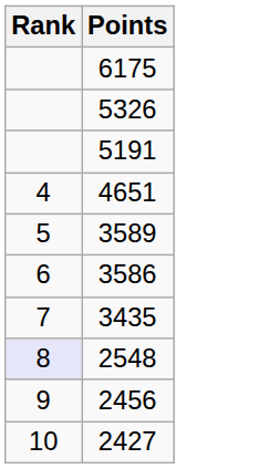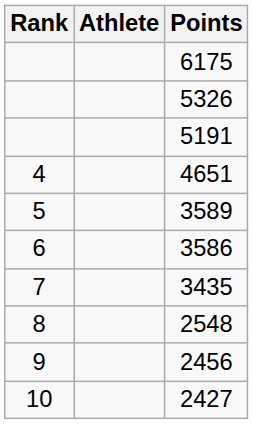 <table class="wikitable" style="display:inline-table; text-align:center;">
 <tr>
 <th>Rank</th>
+<th>Athlete</th>
 <th>Points</th>
 </tr>
 <tr>
 <td></td>
+<td align="left"></td>
 <td>6175</td>
 </tr>
 <tr>
 <td></td>
+<td align="left"></td>
 <td>5326</td>
 </tr>
 <tr>
 <td></td>
+<td align="left"></td>
 <td>5191</td>
 </tr>
 <tr>
 <td>4</td>
+<td align="left"></td>
 <td>4651</td>
 </tr>
 <tr>
 <td>5</td>
+<td align="left"></td>
 <td>3589</td>
 </tr>
 <tr>
 <td>6</td>
+<td align="left"></td>
 <td>3586</td>
 </tr>
 <tr>
 <td>7</td>
+<td align="left"></td>
 <td>3435</td>
 </tr>
 <tr>
-<td style="background: lavender;">8</td>
+<td>8</td>
+<td align="left"></td>
 <td>2548</td>
 </tr>
 <tr>
 <td>9</td>
+<td align="left"></td>
 <td>2456</td>
 </tr>
 <tr>
 <td>10</td>
+<td align="left"></td>
 <td>2427</td>
 </tr>
 </table>
